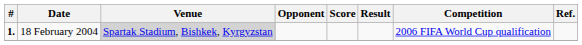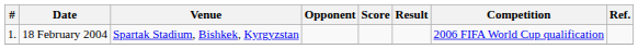 <table class="wikitable" style="font-size:95%;">
 <tr>
 <th>#</th>
 <th>Date</th>
 <th>Venue</th>
 <th>Opponent</th>
 <th>Score</th>
 <th>Result</th>
 <th>Competition</th>
 <th>Ref.</th>
 </tr>
 <tr>
-<td><strong>1.</strong></td>
+<td>1.</td>
 <td>18 February 2004</td>
-<td style="background: lightgrey;"><a href='#'>Spartak Stadium</a>, <a href='#'>Bishkek</a>, <a href='#'>Kyrgyzstan</a></td>
+<td><a href='#'>Spartak Stadium</a>, <a href='#'>Bishkek</a>, <a href='#'>Kyrgyzstan</a></td>
 <td></td>
 <td></td>
 <td></td>
 <td><a href='#'>2006 FIFA World Cup qualification</a></td>
 <td></td>
 </tr>
 <tr>
 </tr>
 </table>
